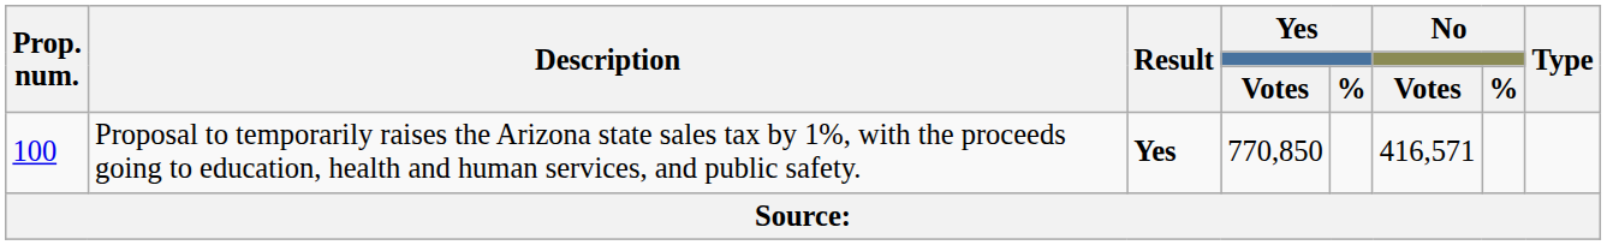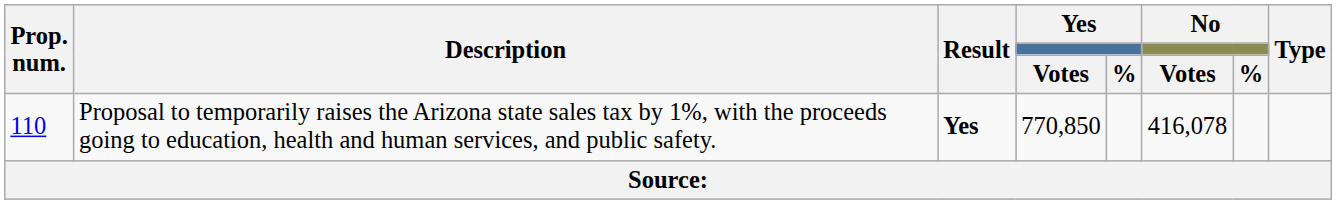 <table class="wikitable sortable">
 <tr>
 <th rowspan="3">Prop.<br>num.</th>
 <th rowspan="3">Description</th>
 <th rowspan="3">Result</th>
 <th colspan="2">Yes</th>
 <th colspan="2">No</th>
 <th rowspan="3">Type</th>
 </tr>
 <tr>
 <th colspan="2" style= "background: #47729E;";></th>
 <th colspan="2" style="background: #8B8B54;";></th>
 </tr>
 <tr>
 <th>Votes</th>
 <th>%</th>
 <th>Votes</th>
 <th>%</th>
 </tr>
 <tr>
-<td><a href='#'>100</a></td>
+<td><a href='#'>110</a></td>
 <td>Proposal to temporarily raises the Arizona state sales tax by 1%, with the proceeds going to education, health and human services, and public safety.</td>
 <td><strong> Yes</strong></td>
 <td>770,850</td>
 <td></td>
-<td>416,571</td>
+<td>416,078</td>
 <td></td>
 <td></td>
 </tr>
 <tr>
 <th colspan="8">Source:</th>
 </tr>
 </table>
